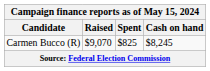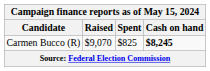 <table class="wikitable sortable">
 <tr>
 <th colspan=4>Campaign finance reports as of May 15, 2024</th>
 </tr>
 <tr style="text-align:center;">
 <th>Candidate</th>
 <th>Raised</th>
 <th>Spent</th>
 <th>Cash on hand</th>
 </tr>
 <tr>
 <td>Carmen Bucco (R)</td>
 <td>$9,070</td>
 <td>$825</td>
-<td>$8,245</td>
+<td><strong>$8,245</strong></td>
 </tr>
 <tr>
 <th colspan="4"><small>Source: <a href='#'>Federal Election Commission</a></small></th>
 </tr>
 </table>
